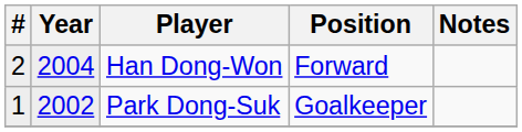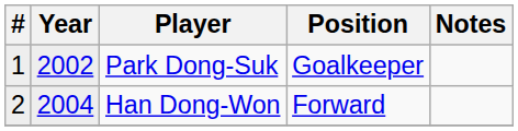 <table class="wikitable" style="text-left:center;">
 <tr>
 <th>#</th>
 <th>Year</th>
 <th>Player</th>
 <th>Position</th>
 <th>Notes</th>
 </tr>
 <tr>
+<td style="background:#eeeeee">1</td>
+<td style="background:#eeeeee"><a href='#'>2002</a></td>
+<td> <a href='#'>Park Dong-Suk</a></td>
+<td><a href='#'>Goalkeeper</a></td>
+<td></td>
+</tr>
+<tr>
 <td style="background:#eeeeee">2</td>
 <td style="background:#eeeeee"><a href='#'>2004</a></td>
 <td> <a href='#'>Han Dong-Won</a></td>
 <td><a href='#'>Forward</a></td>
 <td></td>
 </tr>
 <tr>
-<td style="background:#eeeeee">1</td>
-<td style="background:#eeeeee"><a href='#'>2002</a></td>
-<td> <a href='#'>Park Dong-Suk</a></td>
-<td><a href='#'>Goalkeeper</a></td>
-<td></td>
-</tr>
-<tr>
 </tr>
 </table>
